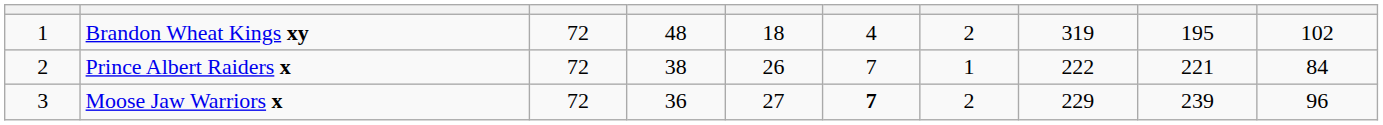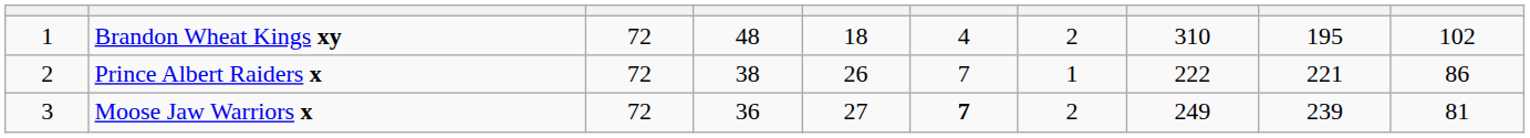 <table class="wikitable sortable">
 <tr>
 <th style="width:3em"></th>
 <th style="width:20em;" class="unsortable"></th>
 <th style="width:4em;" class="unsortable"></th>
 <th style="width:4em;"></th>
 <th style="width:4em;"></th>
 <th style="width:4em;"></th>
 <th style="width:4em;"></th>
 <th style="width:5em;"></th>
 <th style="width:5em;"></th>
 <th style="width:5em;"></th>
 </tr>
 <tr style="font-weight: ; text-align: center;">
 <td>1</td>
 <td style="text-align:left;"><a href='#'>Brandon Wheat Kings</a> <strong>xy</strong></td>
 <td>72</td>
 <td>48</td>
 <td>18</td>
 <td>4</td>
 <td>2</td>
-<td>319</td>
+<td>310</td>
 <td>195</td>
 <td>102</td>
 </tr>
 <tr style="font-weight: ; text-align: center;">
 <td>2</td>
 <td style="text-align:left;"><a href='#'>Prince Albert Raiders</a> <strong>x</strong></td>
 <td>72</td>
 <td>38</td>
 <td>26</td>
 <td>7</td>
 <td>1</td>
 <td>222</td>
 <td>221</td>
-<td>84</td>
+<td>86</td>
 </tr>
 <tr style="font-weight: ; text-align: center;">
 <td>3</td>
 <td style="text-align:left;"><a href='#'>Moose Jaw Warriors</a> <strong>x</strong></td>
 <td>72</td>
 <td>36</td>
 <td>27</td>
 <td><strong>7</strong></td>
 <td>2</td>
-<td>229</td>
+<td>249</td>
 <td>239</td>
-<td>96</td>
+<td>81</td>
 </tr>
 </table>
